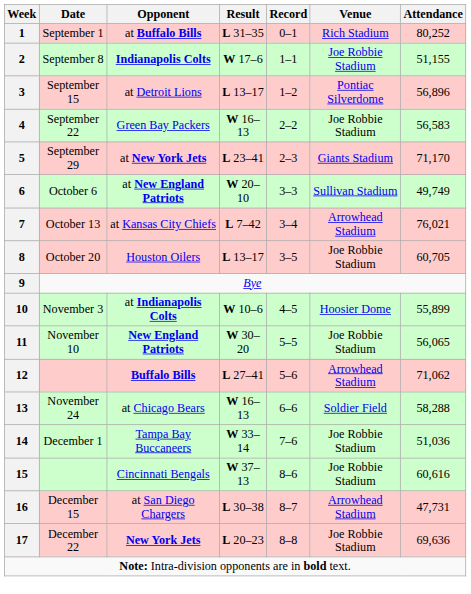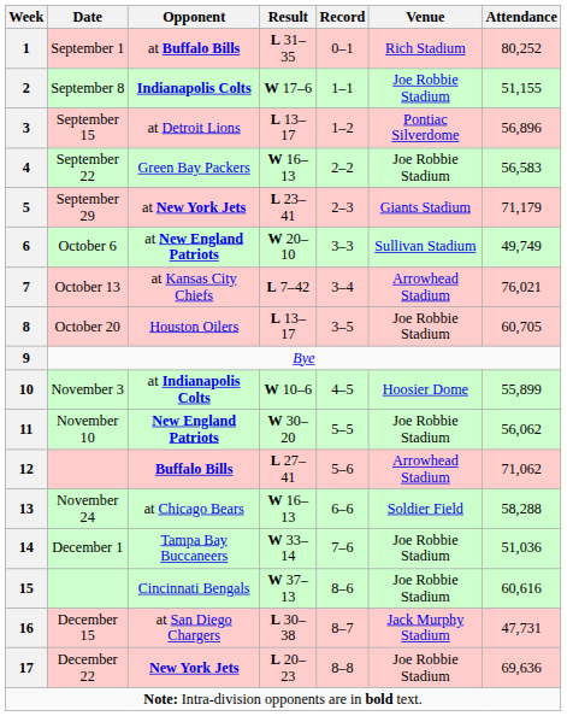 <table class="wikitable" style="text-align:center">
 <tr>
 <th>Week</th>
 <th>Date</th>
 <th>Opponent</th>
 <th>Result</th>
 <th>Record</th>
 <th>Venue</th>
 <th>Attendance</th>
 </tr>
 <tr style="background:#fcc">
 <th>1</th>
 <td>September 1</td>
 <td>at <strong><a href='#'>Buffalo Bills</a></strong></td>
 <td><strong>L</strong> 31–35</td>
 <td>0–1</td>
 <td><a href='#'>Rich Stadium</a></td>
 <td>80,252</td>
 </tr>
 <tr style="background:#cfc">
 <th>2</th>
 <td>September 8</td>
 <td><strong><a href='#'>Indianapolis Colts</a></strong></td>
 <td><strong>W</strong> 17–6</td>
 <td>1–1</td>
 <td><a href='#'>Joe Robbie Stadium</a></td>
 <td>51,155</td>
 </tr>
 <tr style="background:#fcc">
 <th>3</th>
 <td>September 15</td>
 <td>at <a href='#'>Detroit Lions</a></td>
 <td><strong>L</strong> 13–17</td>
 <td>1–2</td>
 <td><a href='#'>Pontiac Silverdome</a></td>
 <td>56,896</td>
 </tr>
 <tr style="background:#cfc">
 <th>4</th>
 <td>September 22</td>
 <td><a href='#'>Green Bay Packers</a></td>
 <td><strong>W</strong> 16–13</td>
 <td>2–2</td>
 <td>Joe Robbie Stadium</td>
 <td>56,583</td>
 </tr>
 <tr style="background:#fcc">
 <th>5</th>
 <td>September 29</td>
 <td>at <strong><a href='#'>New York Jets</a></strong></td>
 <td><strong>L</strong> 23–41</td>
 <td>2–3</td>
 <td><a href='#'>Giants Stadium</a></td>
-<td>71,170</td>
+<td>71,179</td>
 </tr>
 <tr style="background:#cfc">
 <th>6</th>
 <td>October 6</td>
 <td>at <strong><a href='#'>New England Patriots</a></strong></td>
 <td><strong>W</strong> 20–10</td>
 <td>3–3</td>
 <td><a href='#'>Sullivan Stadium</a></td>
 <td>49,749</td>
 </tr>
 <tr style="background:#fcc">
 <th>7</th>
 <td>October 13</td>
 <td>at <a href='#'>Kansas City Chiefs</a></td>
 <td><strong>L</strong> 7–42</td>
 <td>3–4</td>
 <td><a href='#'>Arrowhead Stadium</a></td>
 <td>76,021</td>
 </tr>
 <tr style="background:#fcc">
 <th>8</th>
 <td>October 20</td>
 <td><a href='#'>Houston Oilers</a></td>
 <td><strong>L</strong> 13–17</td>
 <td>3–5</td>
 <td>Joe Robbie Stadium</td>
 <td>60,705</td>
 </tr>
 <tr>
 <th>9</th>
 <td colspan=6><em><a href='#'>Bye</a></em></td>
 </tr>
 <tr style="background:#cfc">
 <th>10</th>
 <td>November 3</td>
 <td>at <strong><a href='#'>Indianapolis Colts</a></strong></td>
 <td><strong>W</strong> 10–6</td>
 <td>4–5</td>
 <td><a href='#'>Hoosier Dome</a></td>
 <td>55,899</td>
 </tr>
 <tr style="background:#cfc">
 <th>11</th>
 <td>November 10</td>
 <td><strong><a href='#'>New England Patriots</a></strong></td>
 <td><strong>W</strong> 30–20</td>
 <td>5–5</td>
 <td>Joe Robbie Stadium</td>
-<td>56,065</td>
+<td>56,062</td>
 </tr>
 <tr style="background:#fcc">
 <th>12</th>
 <td></td>
 <td><strong><a href='#'>Buffalo Bills</a></strong></td>
 <td><strong>L</strong> 27–41</td>
 <td>5–6</td>
 <td><a href='#'>Arrowhead Stadium</a></td>
 <td>71,062</td>
 </tr>
 <tr style="background:#cfc">
 <th>13</th>
 <td>November 24</td>
 <td>at <a href='#'>Chicago Bears</a></td>
 <td><strong>W</strong> 16–13 </td>
 <td>6–6</td>
 <td><a href='#'>Soldier Field</a></td>
 <td>58,288</td>
 </tr>
 <tr style="background:#cfc">
 <th>14</th>
 <td>December 1</td>
 <td><a href='#'>Tampa Bay Buccaneers</a></td>
 <td><strong>W</strong> 33–14</td>
 <td>7–6</td>
 <td>Joe Robbie Stadium</td>
 <td>51,036</td>
 </tr>
 <tr style="background:#cfc">
 <th>15</th>
 <td></td>
 <td><a href='#'>Cincinnati Bengals</a></td>
 <td><strong>W</strong> 37–13</td>
 <td>8–6</td>
 <td>Joe Robbie Stadium</td>
 <td>60,616</td>
 </tr>
 <tr style="background:#fcc">
 <th>16</th>
 <td>December 15</td>
 <td>at <a href='#'>San Diego Chargers</a></td>
 <td><strong>L</strong> 30–38</td>
 <td>8–7</td>
-<td><a href='#'>Arrowhead Stadium</a></td>
+<td><a href='#'>Jack Murphy Stadium</a></td>
 <td>47,731</td>
 </tr>
 <tr style="background:#fcc">
 <th>17</th>
 <td>December 22</td>
 <td><strong><a href='#'>New York Jets</a></strong></td>
 <td><strong>L</strong> 20–23 </td>
 <td>8–8</td>
 <td>Joe Robbie Stadium</td>
 <td>69,636</td>
 </tr>
 <tr>
 <td colspan="8"><strong>Note:</strong> Intra-division opponents are in <strong>bold</strong> text.</td>
 </tr>
 </table>
